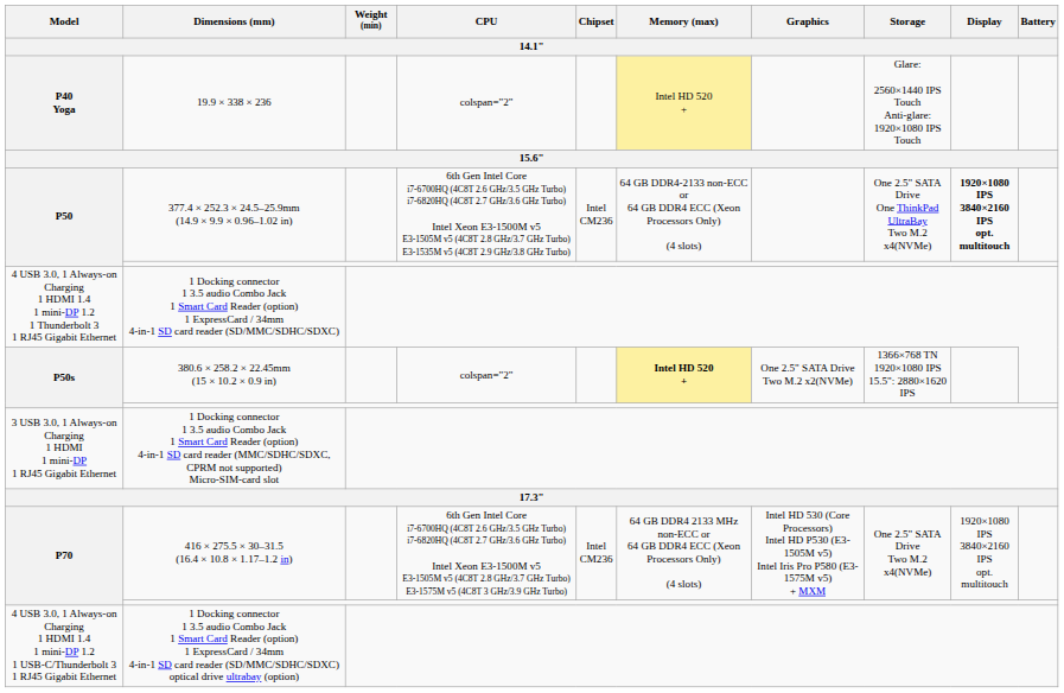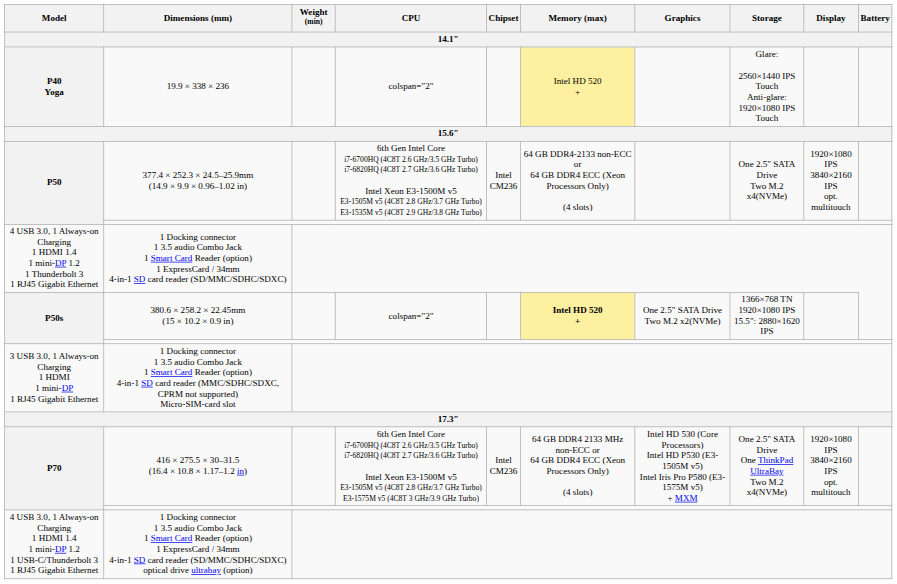 <table class="wikitable" style="font-size: 80%; text-align: center; min-width: 80%;">
 <tr>
 <th>Model</th>
 <th>Dimensions (mm)</th>
 <th>Weight <sup>(min)</sup></th>
 <th style="width:17%">CPU</th>
 <th>Chipset</th>
 <th>Memory (max)</th>
 <th>Graphics</th>
 <th>Storage</th>
 <th>Display</th>
 <th>Battery</th>
 </tr>
 <tr>
 <th colspan="10">14.1"</th>
 </tr>
 <tr>
 <th>P40<br>Yoga</th>
 <td>19.9 × 338 × 236</td>
 <td></td>
 <td>colspan="2" </td>
 <td></td>
 <td style="background:#fdf1a1;">Intel HD 520<br>+ </td>
 <td></td>
 <td style="background:">Glare:<br><br>2560×1440 IPS Touch<br>Anti-glare:<br> 1920×1080 IPS Touch</td>
 <td></td>
 </tr>
 <tr>
 <th colspan="10">15.6"</th>
 </tr>
 <tr>
 <th rowspan="2">P50</th>
 <td>377.4 × 252.3 × 24.5–25.9mm<br> (14.9 × 9.9 × 0.96–1.02 in)</td>
 <td></td>
 <td style="background:">6th Gen Intel Core <br><small> i7-6700HQ (4C8T 2.6 GHz/3.5 GHz Turbo)<br> i7-6820HQ (4C8T 2.7 GHz/3.6 GHz Turbo)<br></small><br>Intel Xeon E3-1500M v5<br><small> E3-1505M v5 (4C8T 2.8 GHz/3.7 GHz Turbo)<br> E3-1535M v5 (4C8T 2.9 GHz/3.8 GHz Turbo)</small></td>
 <td>Intel<br>CM236</td>
 <td style="background:">64 GB DDR4-2133 non-ECC or<br>64 GB DDR4 ECC (Xeon Processors Only)<br><br>(4 slots)</td>
 <td></td>
-<td style="background:">One 2.5" SATA Drive<br> One <a href='#'>ThinkPad UltraBay</a><br> Two M.2 x4(NVMe)</td>
-<td style="background:"><strong>1920×1080 IPS<br> 3840×2160 IPS<br> opt. multitouch</strong></td>
+<td style="background:">One 2.5" SATA Drive<br> Two M.2 x4(NVMe)</td>
+<td style="background:">1920×1080 IPS<br> 3840×2160 IPS<br> opt. multitouch</td>
 <td></td>
 </tr>
 <tr>
 <td colspan="9"></td>
 </tr>
 <tr>
 <td>4 USB 3.0, 1 Always-on Charging<br>1 HDMI 1.4<br> 1 mini-<a href='#'>DP</a> 1.2<br> 1 Thunderbolt 3<br> 1 RJ45 Gigabit Ethernet<br></td>
 <td>1 Docking connector<br> 1 3.5 audio Combo Jack<br>1 <a href='#'>Smart Card</a> Reader (option)<br> 1 ExpressCard / 34mm<br> 4-in-1 <a href='#'>SD</a> card reader (SD/MMC/SDHC/SDXC)<br>	</td>
 </tr>
 <tr>
 <th rowspan="2">P50s</th>
 <td>380.6 × 258.2 × 22.45mm<br> (15 × 10.2 × 0.9 in)</td>
 <td></td>
 <td>colspan="2" </td>
 <td></td>
 <td style="background:#fdf1a1;"><strong>Intel HD 520<br>+ </strong></td>
 <td style="background:">One 2.5" SATA Drive <br> Two M.2 x2(NVMe)</td>
 <td style="background:">1366×768 TN<br>1920×1080 IPS<br> 15.5": 2880×1620 IPS</td>
 <td></td>
 </tr>
 <tr>
 <td colspan="9"></td>
 </tr>
 <tr>
 <td>3 USB 3.0, 1 Always-on Charging<br> 1 HDMI<br> 1 mini-<a href='#'>DP</a><br> 1 RJ45 Gigabit Ethernet<br></td>
 <td>1 Docking connector<br> 1 3.5 audio Combo Jack<br> 1 <a href='#'>Smart Card</a> Reader (option)<br> 4-in-1 <a href='#'>SD</a> card reader (MMC/SDHC/SDXC, CPRM not supported)<br> Micro-SIM-card slot<br>	</td>
 </tr>
 <tr>
 <th colspan="10">17.3"</th>
 </tr>
 <tr>
 <th rowspan="2">P70</th>
 <td>416 × 275.5 × 30–31.5<br> (16.4 × 10.8 × 1.17–1.2 <a href='#'>in</a>)</td>
 <td></td>
 <td style="background:">6th Gen Intel Core <br><small> i7-6700HQ (4C8T 2.6 GHz/3.5 GHz Turbo)<br> i7-6820HQ (4C8T 2.7 GHz/3.6 GHz Turbo)<br></small><br>Intel Xeon E3-1500M v5 <br><small> E3-1505M v5 (4C8T 2.8 GHz/3.7 GHz Turbo)<br> E3-1575M v5 (4C8T 3 GHz/3.9 GHz Turbo)</small></td>
 <td>Intel<br>CM236</td>
 <td style="background:">64 GB DDR4 2133 MHz non-ECC or<br>64 GB DDR4 ECC (Xeon Processors Only)<br><br>(4 slots)</td>
 <td style="background:">Intel HD 530 (Core Processors)<br> Intel HD P530 (E3-1505M v5)<br> Intel Iris Pro P580 (E3-1575M v5)<br> + <a href='#'>MXM</a><br></td>
-<td style="background:">One 2.5" SATA Drive<br> Two M.2 x4(NVMe)</td>
+<td style="background:">One 2.5" SATA Drive<br> One <a href='#'>ThinkPad UltraBay</a><br> Two M.2 x4(NVMe)</td>
 <td style="background:">1920×1080 IPS <br>3840×2160 IPS <br>opt. multitouch</td>
 <td></td>
 </tr>
 <tr>
 <td colspan="9"></td>
 </tr>
 <tr>
 <td>4 USB 3.0, 1 Always-on Charging<br> 1 HDMI 1.4<br> 1 mini-<a href='#'>DP</a> 1.2<br> 1 USB-C/Thunderbolt 3<br> 1 RJ45 Gigabit Ethernet</td>
 <td>1 Docking connector<br> 1 3.5 audio Combo Jack<br> 1 <a href='#'>Smart Card</a> Reader (option)<br> 1 ExpressCard / 34mm<br> 4-in-1 <a href='#'>SD</a> card reader (SD/MMC/SDHC/SDXC) <br> optical drive <a href='#'>ultrabay</a> (option)<br>	</td>
 </tr>
 </table>
